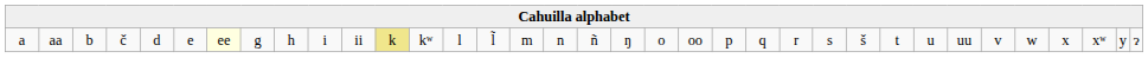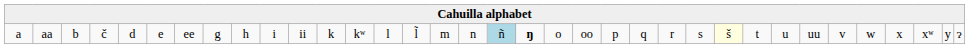 <table class="wikitable" style="border-collapse:collapse;">
 <tr>
 <td bgcolor="#EFEFEF" align="center" colspan="35"><strong>Cahuilla alphabet</strong></td>
 </tr>
 <tr>
 <td width=3% align="center">a</td>
 <td width=3% align="center">aa</td>
 <td width=3% align="center">b</td>
 <td width=3% align="center">č</td>
 <td width=3% align="center">d</td>
 <td width=3% align="center">e</td>
-<td width=3% align="center" style="background: lightyellow;">ee</td>
+<td width=3% align="center">ee</td>
 <td width=3% align="center">g</td>
 <td width=3% align="center">h</td>
 <td width=3% align="center">i</td>
 <td width=3% align="center">ii</td>
-<td width=3% align="center" style="background: khaki;">k</td>
+<td width=3% align="center">k</td>
 <td width=3% align="center">kʷ</td>
 <td width=3% align="center">l</td>
 <td width=3% align="center">l̃</td>
 <td width=3% align="center">m</td>
 <td width=3% align="center">n</td>
-<td width=3% align="center">ñ</td>
-<td width=3% align="center">ŋ</td>
+<td width=3% align="center" style="background: lightblue;">ñ</td>
+<td width=3% align="center"><strong>ŋ</strong></td>
 <td width=3% align="center">o</td>
 <td width=3% align="center">oo</td>
 <td width=3% align="center">p</td>
 <td width=3% align="center">q</td>
 <td width=3% align="center">r</td>
 <td width=3% align="center">s</td>
-<td width=3% align="center">š</td>
+<td width=3% align="center" style="background: lightyellow;">š</td>
 <td width=3% align="center">t</td>
 <td width=3% align="center">u</td>
 <td width=3% align="center">uu</td>
 <td width=3% align="center">v</td>
 <td width=3% align="center">w</td>
 <td width=3% align="center">x</td>
 <td width=3% align="center">xʷ</td>
 <td width=3% align="center">y</td>
 <td width=3% align="center">ɂ</td>
 </tr>
 </table>
